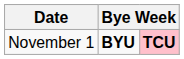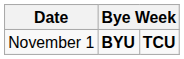 <table class="wikitable" style="font-size:95%;">
 <tr>
 <th>Date</th>
 <th colspan="2">Bye Week</th>
 </tr>
 <tr>
 <td>November 1</td>
 <td><strong>BYU</strong></td>
-<td style="background: pink;"><strong>TCU</strong></td>
+<td><strong>TCU</strong></td>
 </tr>
 </table>
